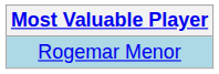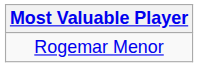 <table class=wikitable style="text-align:center; margin:auto">
 <tr>
 <th><a href='#'>Most Valuable Player</a></th>
 </tr>
 <tr>
-<td style="background: lightblue;"> <a href='#'>Rogemar Menor</a></td>
+<td> <a href='#'>Rogemar Menor</a></td>
 </tr>
 </table>
